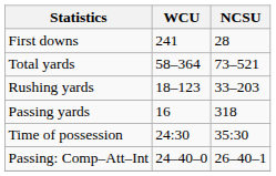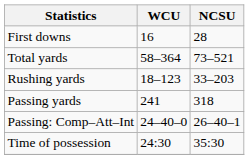 <table class="wikitable" style="float: left;">
 <tr>
 <th>Statistics</th>
 <th>WCU</th>
 <th>NCSU</th>
 </tr>
 <tr>
 <td>First downs</td>
-<td>241</td>
+<td>16</td>
 <td>28</td>
 </tr>
 <tr>
 <td>Total yards</td>
 <td>58–364</td>
 <td>73–521</td>
 </tr>
 <tr>
 <td>Rushing yards</td>
 <td>18–123</td>
 <td>33–203</td>
 </tr>
 <tr>
 <td>Passing yards</td>
-<td>16</td>
+<td>241</td>
 <td>318</td>
+</tr>
+<tr>
+<td>Passing: Comp–Att–Int</td>
+<td>24–40–0</td>
+<td>26–40–1</td>
 </tr>
 <tr>
 <td>Time of possession</td>
 <td>24:30</td>
 <td>35:30</td>
 </tr>
 <tr>
-<td>Passing: Comp–Att–Int</td>
-<td>24–40–0</td>
-<td>26–40–1</td>
-</tr>
-<tr>
 </tr>
 </table>
